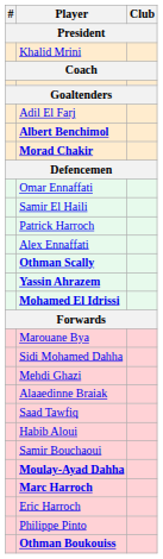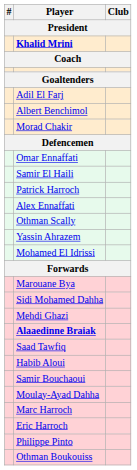 <table class="wikitable">
 <tr>
 <th>#</th>
 <th>Player</th>
 <th>Club</th>
 </tr>
 <tr>
 <th colspan="7" bgcolor="#EFEFEF">President</th>
 </tr>
 <tr bgcolor="#FFECCE">
 <td align="center"><strong></strong></td>
-<td><a href='#'>Khalid Mrini</a></td>
+<td><strong><a href='#'>Khalid Mrini</a></strong></td>
 <td></td>
 </tr>
 <tr>
 <th colspan="7" bgcolor="#EFEFEF">Coach</th>
 </tr>
 <tr bgcolor="#FFECCE">
 <td align="center"><strong></strong></td>
 <td><a href='#'></a></td>
 <td></td>
 </tr>
 <tr>
 <th colspan="7" bgcolor="#EFEFEF">Goaltenders</th>
 </tr>
 <tr bgcolor="#FFECCE">
 <td align="center"><strong></strong></td>
 <td><a href='#'>Adil El Farj</a></td>
 <td></td>
 </tr>
 <tr bgcolor="#FFECCE">
 <td align="center"><strong></strong></td>
-<td><strong><a href='#'>Albert Benchimol</a></strong></td>
+<td><a href='#'>Albert Benchimol</a></td>
 <td></td>
 </tr>
 <tr bgcolor="#FFECCE">
 <td align="center"><strong></strong></td>
-<td><strong><a href='#'>Morad Chakir</a></strong></td>
+<td><a href='#'>Morad Chakir</a></td>
 <td></td>
 </tr>
 <tr>
 <th colspan="7" bgcolor="#EFEFEF">Defencemen</th>
 </tr>
 <tr bgcolor="#E7FAEC">
 <td align="center"><strong></strong></td>
 <td><a href='#'>Omar Ennaffati</a></td>
 <td></td>
 </tr>
 <tr bgcolor="#E7FAEC">
 <td align="center"><strong></strong></td>
 <td><a href='#'>Samir El Haili</a></td>
 <td></td>
 </tr>
 <tr bgcolor="#E7FAEC">
 <td align="center"><strong></strong></td>
 <td><a href='#'>Patrick Harroch</a></td>
 <td></td>
 </tr>
 <tr bgcolor="#E7FAEC">
 <td align="center"><strong></strong></td>
 <td><a href='#'>Alex Ennaffati</a></td>
 <td></td>
 </tr>
 <tr bgcolor="#E7FAEC">
 <td align="center"><strong></strong></td>
-<td><strong><a href='#'>Othman Scally</a></strong></td>
+<td><a href='#'>Othman Scally</a></td>
 <td></td>
 </tr>
 <tr bgcolor="#E7FAEC">
 <td align="center"><strong></strong></td>
-<td><strong><a href='#'>Yassin Ahrazem</a></strong></td>
+<td><a href='#'>Yassin Ahrazem</a></td>
 <td></td>
 </tr>
 <tr bgcolor="#E7FAEC">
 <td align="center"><strong></strong></td>
-<td><strong><a href='#'>Mohamed El Idrissi</a></strong></td>
+<td><a href='#'>Mohamed El Idrissi</a></td>
 <td></td>
 </tr>
 <tr>
 <th colspan="7" bgcolor="#EFEFEF">Forwards</th>
 </tr>
 <tr bgcolor="#FFD2D6">
 <td align="center"><strong></strong></td>
 <td><a href='#'>Marouane Bya</a></td>
 <td></td>
 </tr>
 <tr bgcolor="#FFD2D6">
 <td align="center"><strong></strong></td>
 <td><a href='#'>Sidi Mohamed Dahha</a></td>
 <td></td>
 </tr>
 <tr bgcolor="#FFD2D6">
 <td align="center"><strong></strong></td>
 <td><a href='#'>Mehdi Ghazi</a></td>
 <td></td>
 </tr>
 <tr bgcolor="#FFD2D6">
 <td align="center"><strong></strong></td>
-<td><a href='#'>Alaaedinne Braiak</a></td>
+<td><strong><a href='#'>Alaaedinne Braiak</a></strong></td>
 <td></td>
 </tr>
 <tr bgcolor="#FFD2D6">
 <td align="center"><strong></strong></td>
 <td><a href='#'>Saad Tawfiq</a></td>
 <td></td>
 </tr>
 <tr bgcolor="#FFD2D6">
 <td align="center"><strong></strong></td>
 <td><a href='#'>Habib Aloui</a></td>
 <td></td>
 </tr>
 <tr bgcolor="#FFD2D6">
 <td align="center"><strong></strong></td>
 <td><a href='#'>Samir Bouchaoui</a></td>
 <td></td>
 </tr>
 <tr bgcolor="#FFD2D6">
 <td align="center"><strong></strong></td>
-<td><strong><a href='#'>Moulay-Ayad Dahha</a></strong></td>
+<td><a href='#'>Moulay-Ayad Dahha</a></td>
 <td></td>
 </tr>
 <tr bgcolor="#FFD2D6">
 <td align="center"><strong></strong></td>
-<td><strong><a href='#'>Marc Harroch</a></strong></td>
+<td><a href='#'>Marc Harroch</a></td>
 <td></td>
 </tr>
 <tr bgcolor="#FFD2D6">
 <td align="center"><strong></strong></td>
 <td><a href='#'>Eric Harroch</a></td>
 <td></td>
 </tr>
 <tr bgcolor="#FFD2D6">
 <td align="center"><strong></strong></td>
 <td><a href='#'>Philippe Pinto</a></td>
 <td></td>
 </tr>
 <tr bgcolor="#FFD2D6">
 <td align="center"><strong></strong></td>
-<td><strong><a href='#'>Othman Boukouiss</a></strong></td>
+<td><a href='#'>Othman Boukouiss</a></td>
 <td></td>
 </tr>
 </table>
